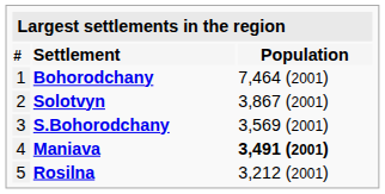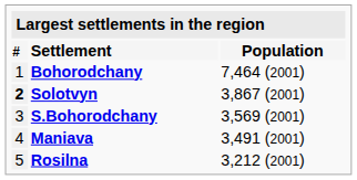 <table class="infobox" style="text-align:left; width:25%; margin-left:10px; font-size:90%">
 <tr>
 <th colspan="7" style="background:#e9e9e9; padding:0.3em;" 0; line-height:1.2em;>Largest settlements in the region</th>
 </tr>
 <tr>
 <th style="text-align:left; background:#f5f5f5;"><small>#</small></th>
 <th style="text-align:left; background:#f5f5f5;">Settlement</th>
 <th style="text-align:center; background:#f5f5f5;">Population</th>
 </tr>
 <tr>
 <td style="text-align:center; background:#f0f0f0;">1</td>
 <td align=left><strong><a href='#'>Bohorodchany</a></strong></td>
 <td>7,464 (<small>2001</small>)</td>
 </tr>
 <tr>
-<td style="text-align:center; background:#f0f0f0;">2</td>
+<td style="text-align:center; background:#f0f0f0;"><strong>2</strong></td>
 <td align=left><strong><a href='#'>Solotvyn</a></strong></td>
 <td>3,867 (<small>2001</small>)</td>
 </tr>
 <tr>
 <td style="text-align:center; background:#f0f0f0;">3</td>
 <td align=left><strong><a href='#'>S.Bohorodchany</a></strong></td>
 <td>3,569 (<small>2001</small>)</td>
 </tr>
 <tr>
 <td style="text-align:center; background:#f0f0f0;">4</td>
 <td align=left><strong><a href='#'>Maniava</a></strong></td>
-<td><strong>3,491 (<small>2001</small>)</strong></td>
+<td>3,491 (<small>2001</small>)</td>
 </tr>
 <tr>
 <td style="text-align:center; background:#f0f0f0;">5</td>
 <td align=left><strong><a href='#'>Rosilna</a></strong></td>
 <td>3,212 (<small>2001</small>)</td>
 </tr>
 </table>
